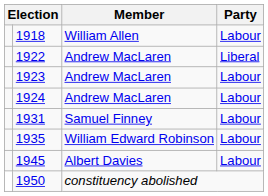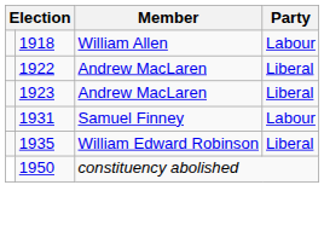 <table class="wikitable">
 <tr>
 <th colspan="2">Election</th>
 <th>Member</th>
 <th>Party</th>
 </tr>
 <tr>
 <td style="color:inherit;background-color: "></td>
 <td><a href='#'>1918</a></td>
 <td><a href='#'>William Allen</a></td>
 <td><a href='#'>Labour</a></td>
 </tr>
 <tr>
 <td style="color:inherit;background-color: "></td>
 <td><a href='#'>1922</a></td>
 <td><a href='#'>Andrew MacLaren</a></td>
 <td><a href='#'>Liberal</a></td>
 </tr>
 <tr>
 <td style="color:inherit;background-color: "></td>
 <td><a href='#'>1923</a></td>
 <td><a href='#'>Andrew MacLaren</a></td>
-<td><a href='#'>Labour</a></td>
-</tr>
-<tr>
-<td style="color:inherit;background-color: "></td>
-<td><a href='#'>1924</a></td>
-<td><a href='#'>Andrew MacLaren</a></td>
-<td><a href='#'>Labour</a></td>
+<td><a href='#'>Liberal</a></td>
 </tr>
 <tr>
 <td style="color:inherit;background-color: "></td>
 <td><a href='#'>1931</a></td>
 <td><a href='#'>Samuel Finney</a></td>
 <td><a href='#'>Labour</a></td>
 </tr>
 <tr>
 <td style="color:inherit;background-color: "></td>
 <td><a href='#'>1935</a></td>
 <td><a href='#'>William Edward Robinson</a></td>
-<td><a href='#'>Labour</a></td>
-</tr>
-<tr>
-<td style="color:inherit;background-color: "></td>
-<td><a href='#'>1945</a></td>
-<td><a href='#'>Albert Davies</a></td>
-<td><a href='#'>Labour</a></td>
+<td><a href='#'>Liberal</a></td>
 </tr>
 <tr>
 <td style="color:inherit;background-color: white"></td>
 <td><a href='#'>1950</a></td>
 <td colspan="2"><em>constituency abolished</em></td>
 </tr>
 </table>
